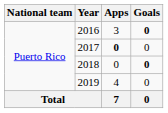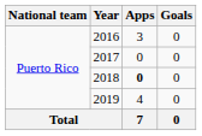 <table class="wikitable" style="text-align:center">
 <tr>
 <th>National team</th>
 <th>Year</th>
 <th>Apps</th>
 <th>Goals</th>
 </tr>
 <tr>
 <td rowspan="4"><a href='#'>Puerto Rico</a></td>
 <td>2016</td>
 <td>3</td>
-<td><strong>0</strong></td>
+<td>0</td>
 </tr>
 <tr>
 <td>2017</td>
-<td><strong>0</strong></td>
+<td>0</td>
 <td>0</td>
 </tr>
 <tr>
 <td>2018</td>
+<td><strong>0</strong></td>
 <td>0</td>
-<td><strong>0</strong></td>
 </tr>
 <tr>
 <td>2019</td>
 <td>4</td>
 <td>0</td>
 </tr>
 <tr>
 <th colspan=2>Total</th>
 <th>7</th>
 <th>0</th>
 </tr>
 </table>
